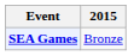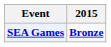 <table class="wikitable" style="font-size: 90%; text-align:center">
 <tr>
 <th>Event</th>
 <th>2015</th>
 </tr>
 <tr>
 <td bgcolor="#ECF2FF"; align="left"><strong><a href='#'>SEA Games</a></strong></td>
-<td> <a href='#'>Bronze</a></td>
+<td><strong> <a href='#'>Bronze</a></strong></td>
 </tr>
 </table>
